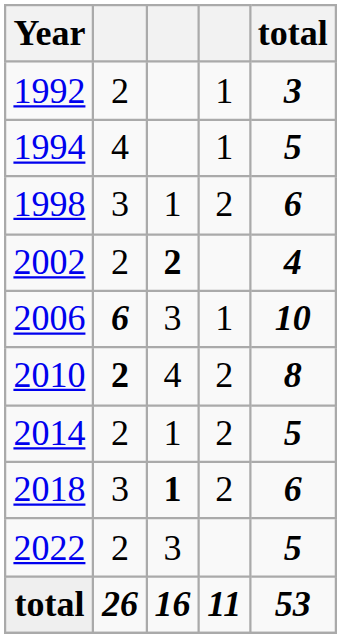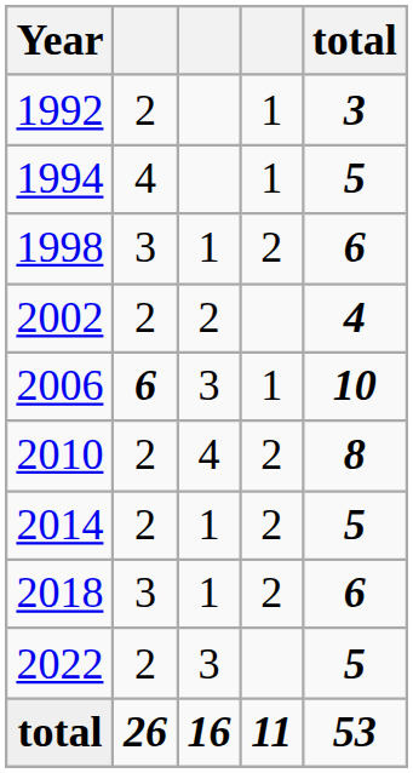 <table class="wikitable" style="font-size: 100%; text-align: center">
 <tr>
 <th>Year</th>
 <th></th>
 <th></th>
 <th></th>
 <th>total</th>
 </tr>
 <tr>
 <td><a href='#'>1992</a></td>
 <td>2</td>
 <td></td>
 <td>1</td>
 <td><strong><em>3</em></strong></td>
 </tr>
 <tr>
 <td><a href='#'>1994</a></td>
 <td>4</td>
 <td></td>
 <td>1</td>
 <td><strong><em>5</em></strong></td>
 </tr>
 <tr>
 <td><a href='#'>1998</a></td>
 <td>3</td>
 <td>1</td>
 <td>2</td>
 <td><strong><em>6</em></strong></td>
 </tr>
 <tr>
 <td><a href='#'>2002</a></td>
 <td>2</td>
-<td><strong>2</strong></td>
+<td>2</td>
 <td></td>
 <td><strong><em>4</em></strong></td>
 </tr>
 <tr>
 <td><a href='#'>2006</a></td>
 <td><strong><em>6</em></strong></td>
 <td>3</td>
 <td>1</td>
 <td><strong><em>10</em></strong></td>
 </tr>
 <tr>
 <td><a href='#'>2010</a></td>
-<td><strong>2</strong></td>
+<td>2</td>
 <td>4</td>
 <td>2</td>
 <td><strong><em>8</em></strong></td>
 </tr>
 <tr>
 <td><a href='#'>2014</a></td>
 <td>2</td>
 <td>1</td>
 <td>2</td>
 <td><strong><em>5</em></strong></td>
 </tr>
 <tr>
 <td><a href='#'>2018</a></td>
 <td>3</td>
-<td><strong>1</strong></td>
+<td>1</td>
 <td>2</td>
 <td><strong><em>6</em></strong></td>
 </tr>
 <tr>
 <td><a href='#'>2022</a></td>
 <td>2</td>
 <td>3</td>
 <td></td>
 <td><strong><em>5</em></strong></td>
 </tr>
 <tr>
 <td style="background:#EFEFEF"><strong>total</strong></td>
 <td><strong><em>26</em></strong></td>
 <td><strong><em>16</em></strong></td>
 <td><strong><em>11</em></strong></td>
 <td><strong><em>53</em></strong></td>
 </tr>
 <tr>
 </tr>
 </table>
